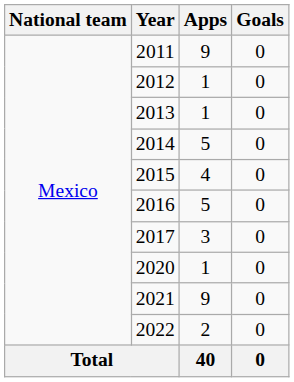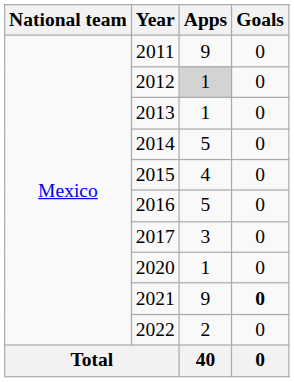 <table class="wikitable" style="text-align:center">
 <tr>
 <th>National team</th>
 <th>Year</th>
 <th>Apps</th>
 <th>Goals</th>
 </tr>
 <tr>
 <td rowspan="10"><a href='#'>Mexico</a></td>
 <td>2011</td>
 <td>9</td>
 <td>0</td>
 </tr>
 <tr>
 <td>2012</td>
-<td>1</td>
+<td style="background: lightgrey;">1</td>
 <td>0</td>
 </tr>
 <tr>
 <td>2013</td>
 <td>1</td>
 <td>0</td>
 </tr>
 <tr>
 <td>2014</td>
 <td>5</td>
 <td>0</td>
 </tr>
 <tr>
 <td>2015</td>
 <td>4</td>
 <td>0</td>
 </tr>
 <tr>
 <td>2016</td>
 <td>5</td>
 <td>0</td>
 </tr>
 <tr>
 <td>2017</td>
 <td>3</td>
 <td>0</td>
 </tr>
 <tr>
 <td>2020</td>
 <td>1</td>
 <td>0</td>
 </tr>
 <tr>
 <td>2021</td>
 <td>9</td>
-<td>0</td>
+<td><strong>0</strong></td>
 </tr>
 <tr>
 <td>2022</td>
 <td>2</td>
 <td>0</td>
 </tr>
 <tr>
 <th colspan="2">Total</th>
 <th>40</th>
 <th>0</th>
 </tr>
 </table>
